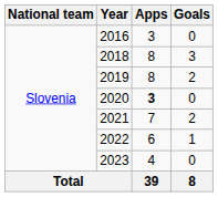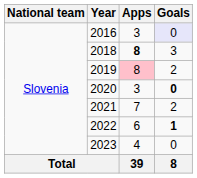 <table class="wikitable" style="text-align:center">
 <tr>
 <th>National team</th>
 <th>Year</th>
 <th>Apps</th>
 <th>Goals</th>
 </tr>
 <tr>
 <td rowspan="7"><a href='#'>Slovenia</a></td>
 <td>2016</td>
 <td>3</td>
-<td>0</td>
+<td style="background: lavender;">0</td>
 </tr>
 <tr>
 <td>2018</td>
-<td>8</td>
+<td><strong>8</strong></td>
 <td>3</td>
 </tr>
 <tr>
 <td>2019</td>
-<td>8</td>
+<td style="background: pink;">8</td>
 <td>2</td>
 </tr>
 <tr>
 <td>2020</td>
-<td><strong>3</strong></td>
-<td>0</td>
+<td>3</td>
+<td><strong>0</strong></td>
 </tr>
 <tr>
 <td>2021</td>
 <td>7</td>
 <td>2</td>
 </tr>
 <tr>
 <td>2022</td>
 <td>6</td>
-<td>1</td>
+<td><strong>1</strong></td>
 </tr>
 <tr>
 <td>2023</td>
 <td>4</td>
 <td>0</td>
 </tr>
 <tr>
 <th colspan="2">Total</th>
 <th>39</th>
 <th>8</th>
 </tr>
 </table>
